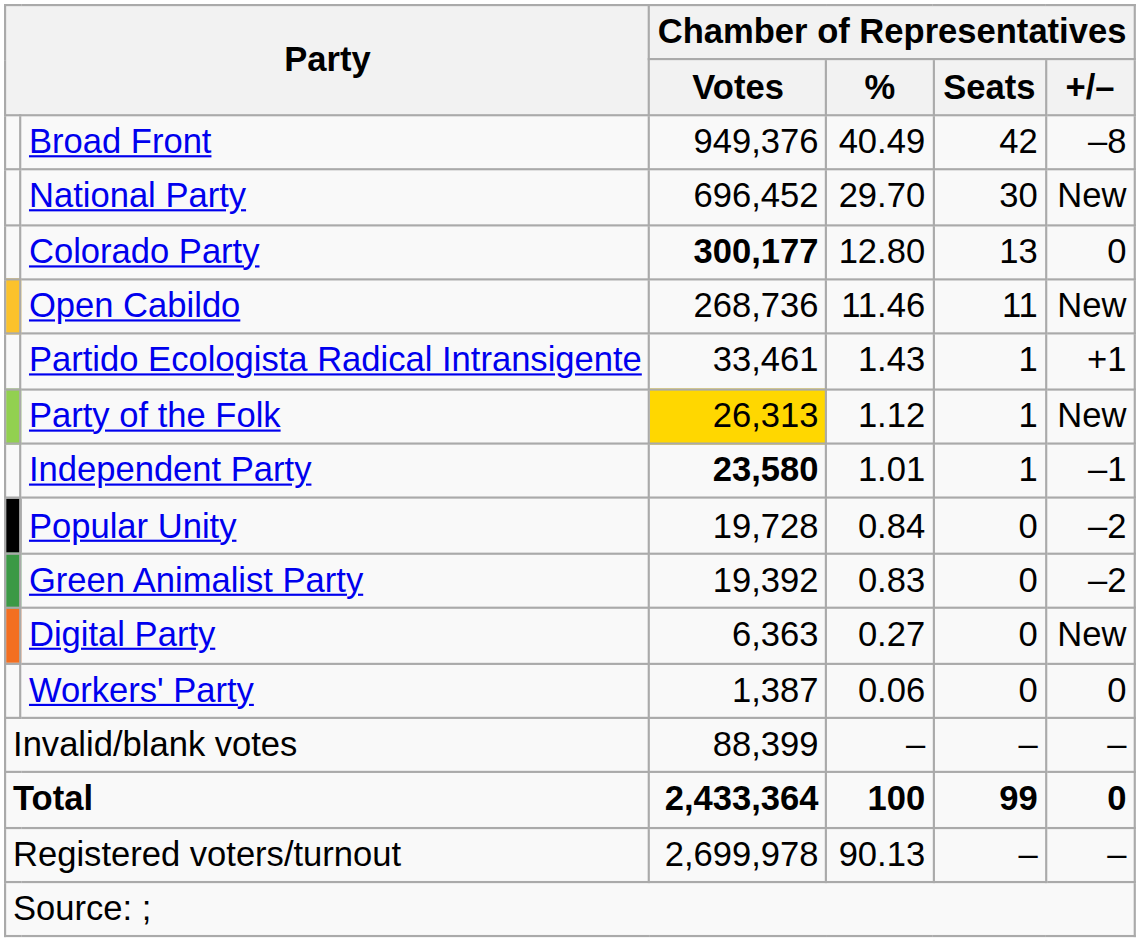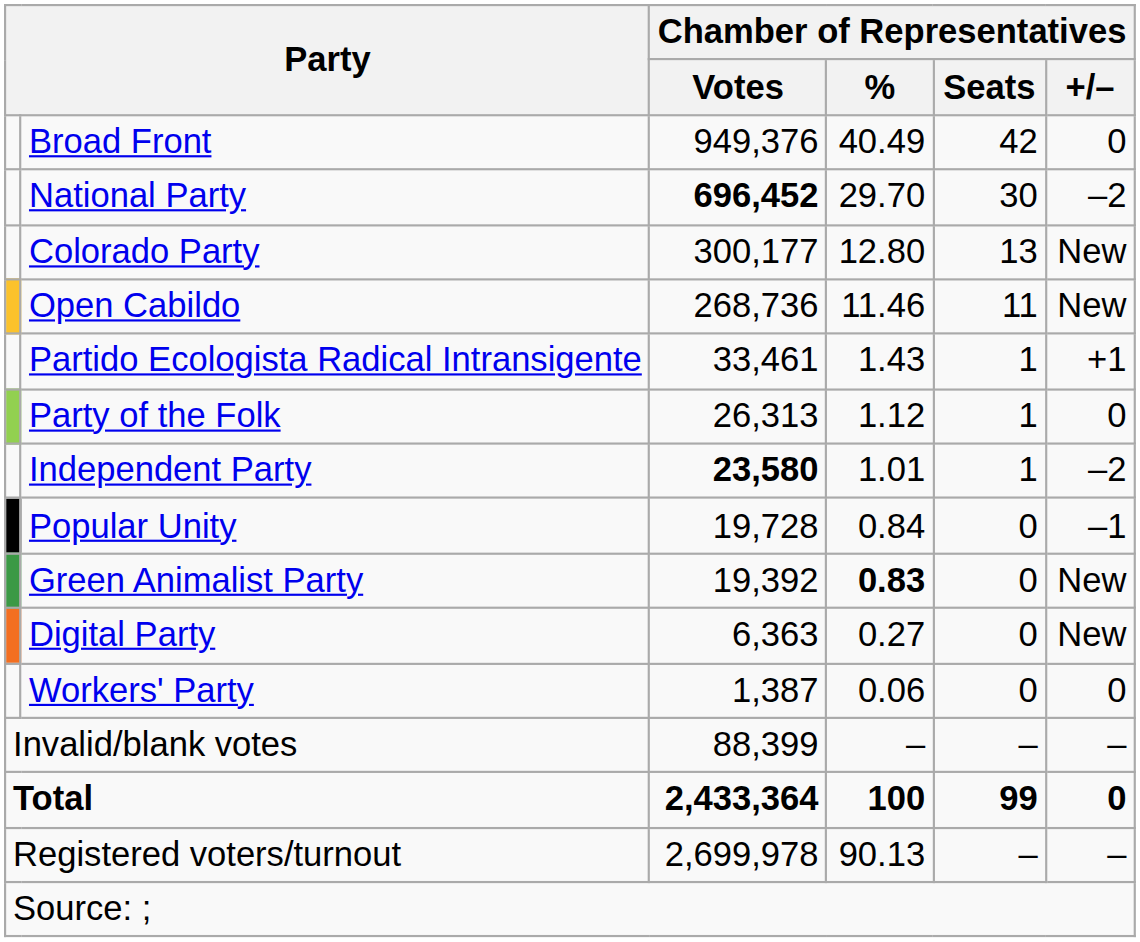 <table class="wikitable sortable" style="text-align:right">
 <tr>
 <th colspan="2" rowspan="2">Party</th>
 <th colspan="4">Chamber of Representatives</th>
 </tr>
 <tr>
 <th>Votes</th>
 <th>%</th>
 <th>Seats</th>
 <th>+/–</th>
 </tr>
 <tr>
 <td style="background-color:"></td>
 <td align="left"><a href='#'>Broad Front</a></td>
 <td>949,376</td>
 <td>40.49</td>
 <td>42</td>
-<td>–8</td>
+<td>0</td>
 </tr>
 <tr>
 <td style="background-color:"></td>
 <td align="left"><a href='#'>National Party</a></td>
-<td>696,452</td>
+<td><strong>696,452</strong></td>
 <td>29.70</td>
 <td>30</td>
-<td>New</td>
+<td>–2</td>
 </tr>
 <tr>
 <td style="background-color:"></td>
 <td align="left"><a href='#'>Colorado Party</a></td>
-<td><strong>300,177</strong></td>
+<td>300,177</td>
 <td>12.80</td>
 <td>13</td>
-<td>0</td>
+<td>New</td>
 </tr>
 <tr>
 <td style="color:inherit;background:#FBC22B"></td>
 <td align="left"><a href='#'>Open Cabildo</a></td>
 <td>268,736</td>
 <td>11.46</td>
 <td>11</td>
 <td>New</td>
 </tr>
 <tr>
 <td style="background-color:"></td>
 <td align="left"><a href='#'>Partido Ecologista Radical Intransigente</a></td>
 <td>33,461</td>
 <td>1.43</td>
 <td>1</td>
 <td>+1</td>
 </tr>
 <tr>
 <td style="color:inherit;background:#92D050"></td>
 <td align="left"><a href='#'>Party of the Folk</a></td>
-<td style="background: gold;">26,313</td>
+<td>26,313</td>
 <td>1.12</td>
 <td>1</td>
-<td>New</td>
+<td>0</td>
 </tr>
 <tr>
 <td style="background-color:"></td>
 <td align="left"><a href='#'>Independent Party</a></td>
 <td><strong>23,580</strong></td>
 <td>1.01</td>
 <td>1</td>
-<td>–1</td>
+<td>–2</td>
 </tr>
 <tr>
 <td style="color:inherit;background:#000000"></td>
 <td align="left"><a href='#'>Popular Unity</a></td>
 <td>19,728</td>
 <td>0.84</td>
 <td>0</td>
-<td>–2</td>
+<td>–1</td>
 </tr>
 <tr>
 <td style="color:inherit;background:#3B9945"></td>
 <td align="left"><a href='#'>Green Animalist Party</a></td>
 <td>19,392</td>
-<td>0.83</td>
+<td><strong>0.83</strong></td>
 <td>0</td>
-<td>–2</td>
+<td>New</td>
 </tr>
 <tr>
 <td style="color:inherit;background:#F36F21"></td>
 <td align="left"><a href='#'>Digital Party</a></td>
 <td>6,363</td>
 <td>0.27</td>
 <td>0</td>
 <td>New</td>
 </tr>
 <tr>
 <td style="background-color:"></td>
 <td align="left"><a href='#'>Workers' Party</a></td>
 <td>1,387</td>
 <td>0.06</td>
 <td>0</td>
 <td>0</td>
 </tr>
 <tr>
 <td colspan="2" align="left">Invalid/blank votes</td>
 <td>88,399</td>
 <td>–</td>
 <td>–</td>
 <td>–</td>
 </tr>
 <tr>
 <td colspan="2" align="left"><strong>Total</strong></td>
 <td><strong>2,433,364</strong></td>
 <td><strong>100</strong></td>
 <td><strong>99</strong></td>
 <td><strong>0</strong></td>
 </tr>
 <tr>
 <td colspan="2" align="left">Registered voters/turnout</td>
 <td>2,699,978</td>
 <td>90.13</td>
 <td>–</td>
 <td>–</td>
 </tr>
 <tr>
 <td colspan="6" align="left">Source: ;  </td>
 </tr>
 </table>
